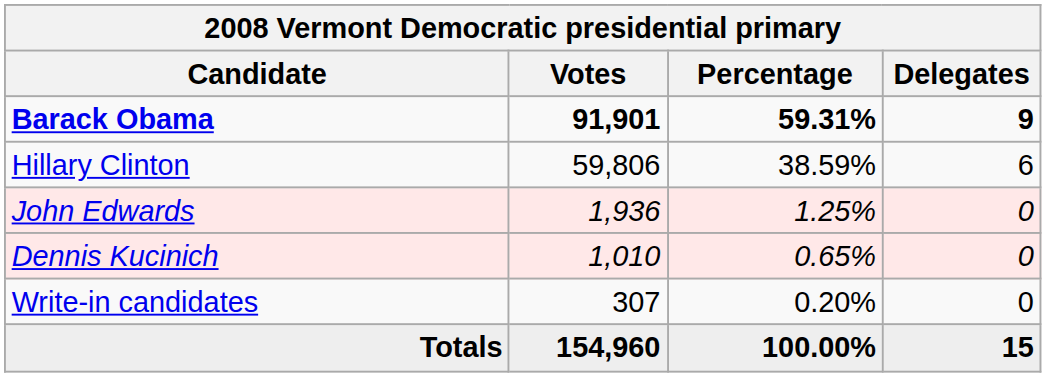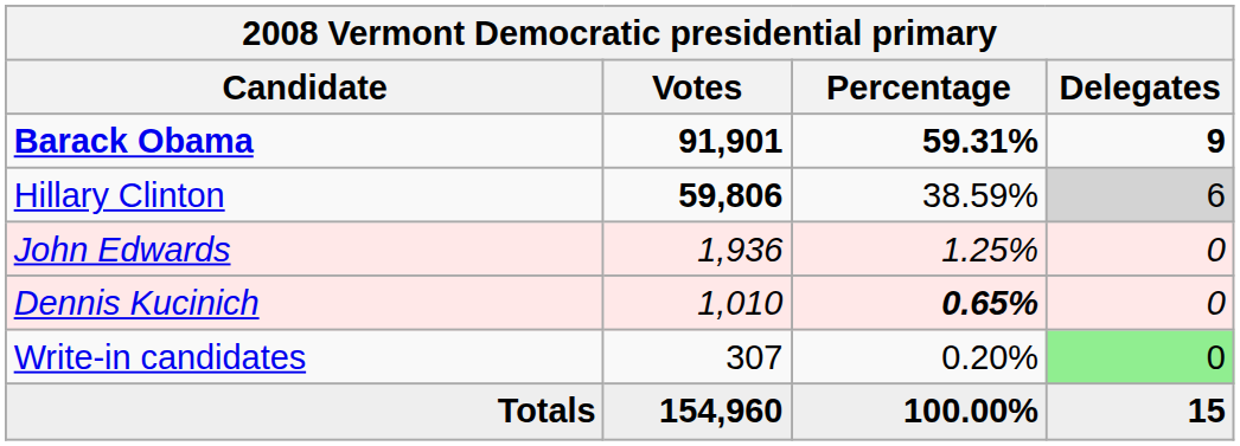 <table class="wikitable" style="font-size:95%; text-align:right;">
 <tr>
 <th colspan="4">2008 Vermont Democratic presidential primary</th>
 </tr>
 <tr>
 <th style="width: 17em">Candidate</th>
 <th style="width: 5em">Votes</th>
 <th style="width: 7em">Percentage</th>
 <th style="width: 5em">Delegates</th>
 </tr>
 <tr>
 <td align="left"><strong><a href='#'>Barack Obama</a></strong></td>
 <td><strong>91,901</strong></td>
 <td><strong>59.31%</strong></td>
 <td><strong>9</strong></td>
 </tr>
 <tr>
 <td align="left"><a href='#'>Hillary Clinton</a></td>
-<td>59,806</td>
+<td><strong>59,806</strong></td>
 <td>38.59%</td>
-<td>6</td>
+<td style="background: lightgrey;">6</td>
 </tr>
 <tr bgcolor=#FFE8E8>
 <td align="left"><em><a href='#'>John Edwards</a></em></td>
 <td><em>1,936</em></td>
 <td><em>1.25%</em></td>
 <td><em>0</em></td>
 </tr>
 <tr bgcolor=#FFE8E8>
 <td align="left"><em><a href='#'>Dennis Kucinich</a></em></td>
 <td><em>1,010</em></td>
-<td><em>0.65%</em></td>
+<td><strong><em>0.65%</em></strong></td>
 <td><em>0</em></td>
 </tr>
 <tr>
 <td align="left"><a href='#'>Write-in candidates</a></td>
 <td>307</td>
 <td>0.20%</td>
-<td>0</td>
+<td style="background: lightgreen;">0</td>
 </tr>
 <tr bgcolor="#EEEEEE" style="margin-right:0.5em">
 <td><strong>Totals</strong></td>
 <td><strong>154,960</strong></td>
 <td><strong>100.00%</strong></td>
 <td><strong>15</strong></td>
 </tr>
 </table>
